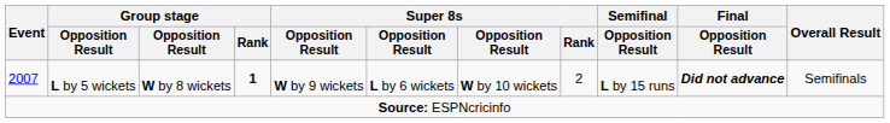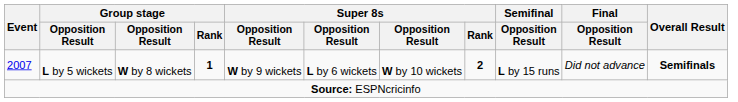 <table class=wikitable style=font-size:90%;text-align:center>
 <tr>
 <th rowspan=2>Event</th>
 <th colspan=3>Group stage</th>
 <th colspan=4>Super 8s</th>
 <th>Semifinal</th>
 <th>Final</th>
 <th rowspan=2>Overall Result</th>
 </tr>
 <tr style=font-size:95%>
 <th>Opposition<br>Result</th>
 <th>Opposition<br>Result</th>
 <th>Rank</th>
 <th>Opposition<br>Result</th>
 <th>Opposition<br>Result</th>
 <th>Opposition<br>Result</th>
 <th>Rank</th>
 <th>Opposition<br>Result</th>
 <th>Opposition<br>Result</th>
 </tr>
 <tr>
 <td align=left><a href='#'>2007</a></td>
 <td><br><strong>L</strong> by 5 wickets</td>
 <td><br><strong>W</strong> by 8 wickets</td>
 <td><strong>1</strong></td>
 <td><br><strong>W</strong> by 9 wickets</td>
 <td><br><strong>L</strong> by 6 wickets</td>
 <td><br><strong>W</strong> by 10 wickets</td>
-<td>2</td>
+<td><strong>2</strong></td>
 <td><br> <strong>L</strong> by 15 runs</td>
-<td><strong><em>Did not advance</em></strong></td>
-<td>Semifinals</td>
+<td><em>Did not advance</em></td>
+<td><strong>Semifinals</strong></td>
 </tr>
 <tr>
 <td colspan="11"><strong>Source:</strong> ESPNcricinfo</td>
 </tr>
 </table>
